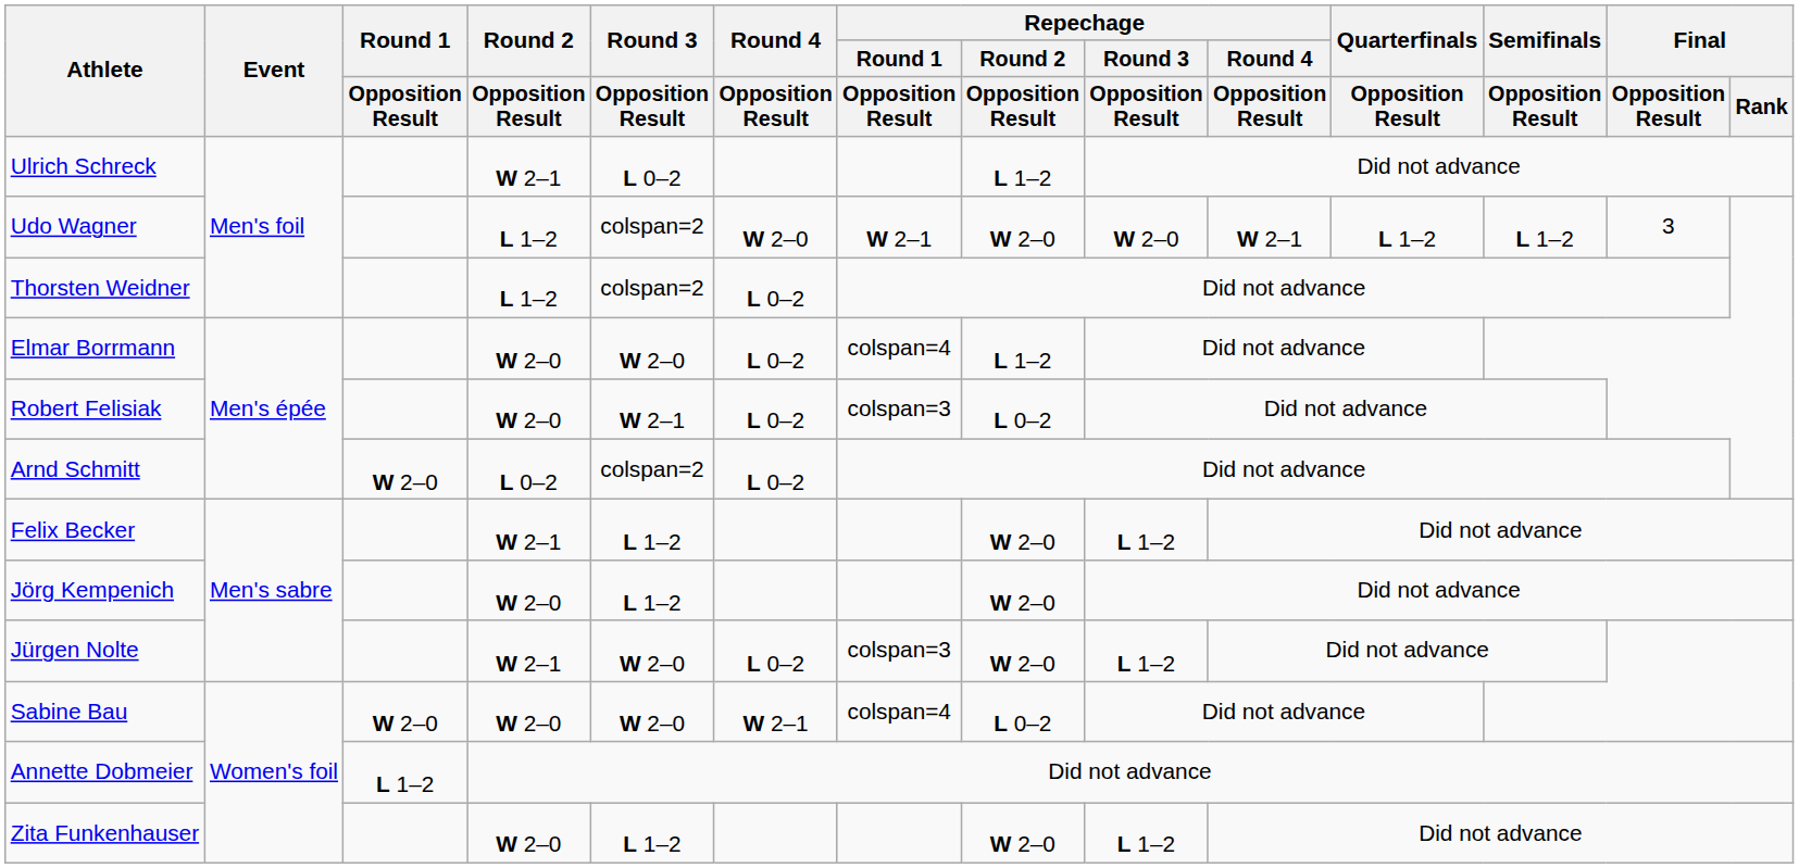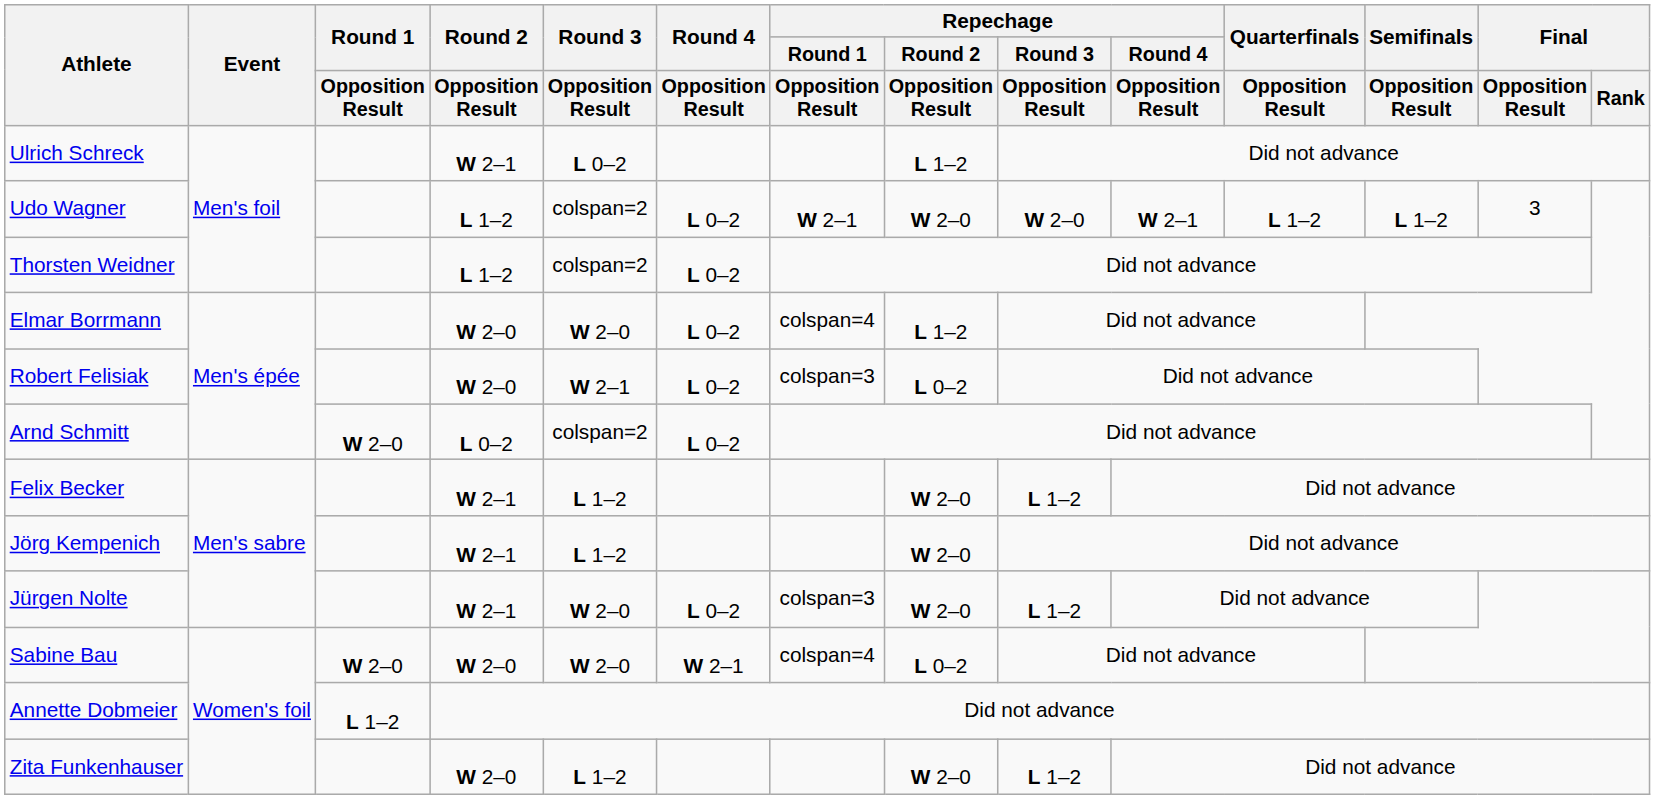 <table class="wikitable" style="font-size:85%">
 <tr>
 <th rowspan="3">Athlete</th>
 <th rowspan="3">Event</th>
 <th rowspan="2">Round 1</th>
 <th rowspan="2">Round 2</th>
 <th rowspan="2">Round 3</th>
 <th rowspan="2">Round 4</th>
 <th colspan=4>Repechage</th>
 <th rowspan="2">Quarterfinals</th>
 <th rowspan="2">Semifinals</th>
 <th rowspan="2" colspan=2>Final</th>
 </tr>
 <tr style="font-size:95%">
 <th>Round 1</th>
 <th>Round 2</th>
 <th>Round 3</th>
 <th>Round 4</th>
 </tr>
 <tr style="font-size:95%">
 <th>Opposition<br>Result</th>
 <th>Opposition<br>Result</th>
 <th>Opposition<br>Result</th>
 <th>Opposition<br>Result</th>
 <th>Opposition<br>Result</th>
 <th>Opposition<br>Result</th>
 <th>Opposition<br>Result</th>
 <th>Opposition<br>Result</th>
 <th>Opposition<br>Result</th>
 <th>Opposition<br>Result</th>
 <th>Opposition<br>Result</th>
 <th>Rank</th>
 </tr>
 <tr align=center>
 <td align=left><a href='#'>Ulrich Schreck</a></td>
 <td align=left rowspan=3><a href='#'>Men's foil</a></td>
 <td></td>
 <td><br><strong>W</strong> 2–1</td>
 <td><br><strong>L</strong> 0–2</td>
 <td></td>
 <td></td>
 <td><br><strong>L</strong> 1–2</td>
 <td colspan=6>Did not advance</td>
 </tr>
 <tr align=center>
 <td align=left><a href='#'>Udo Wagner</a></td>
 <td></td>
 <td><br><strong>L</strong> 1–2</td>
 <td>colspan=2</td>
-<td><br><strong>W</strong> 2–0</td>
+<td><br><strong>L</strong> 0–2</td>
 <td><br><strong>W</strong> 2–1</td>
 <td><br><strong>W</strong> 2–0</td>
 <td><br><strong>W</strong> 2–0</td>
 <td><br><strong>W</strong> 2–1</td>
 <td><br><strong>L</strong> 1–2</td>
 <td><br><strong>L</strong> 1–2</td>
 <td>3</td>
 </tr>
 <tr align=center>
 <td align=left><a href='#'>Thorsten Weidner</a></td>
 <td></td>
 <td><br><strong>L</strong> 1–2</td>
 <td>colspan=2</td>
 <td><br><strong>L</strong> 0–2</td>
 <td colspan=7>Did not advance</td>
 </tr>
 <tr align=center>
 <td align=left><a href='#'>Elmar Borrmann</a></td>
 <td align=left rowspan=3><a href='#'>Men's épée</a></td>
 <td></td>
 <td><br><strong>W</strong> 2–0</td>
 <td><br><strong>W</strong> 2–0</td>
 <td><br><strong>L</strong> 0–2</td>
 <td>colspan=4</td>
 <td><br><strong>L</strong> 1–2</td>
 <td colspan=3>Did not advance</td>
 </tr>
 <tr align=center>
 <td align=left><a href='#'>Robert Felisiak</a></td>
 <td></td>
 <td><br><strong>W</strong> 2–0</td>
 <td><br><strong>W</strong> 2–1</td>
 <td><br><strong>L</strong> 0–2</td>
 <td>colspan=3</td>
 <td><br><strong>L</strong> 0–2</td>
 <td colspan=4>Did not advance</td>
 </tr>
 <tr align=center>
 <td align=left><a href='#'>Arnd Schmitt</a></td>
 <td><br><strong>W</strong> 2–0</td>
 <td><br><strong>L</strong> 0–2</td>
 <td>colspan=2</td>
 <td><br><strong>L</strong> 0–2</td>
 <td colspan=7>Did not advance</td>
 </tr>
 <tr align=center>
 <td align=left><a href='#'>Felix Becker</a></td>
 <td align=left rowspan=3><a href='#'>Men's sabre</a></td>
 <td></td>
 <td><br><strong>W</strong> 2–1</td>
 <td><br><strong>L</strong> 1–2</td>
 <td></td>
 <td></td>
 <td><br><strong>W</strong> 2–0</td>
 <td><br><strong>L</strong> 1–2</td>
 <td colspan=5>Did not advance</td>
 </tr>
 <tr align=center>
 <td align=left><a href='#'>Jörg Kempenich</a></td>
 <td></td>
-<td><br><strong>W</strong> 2–0</td>
+<td><br><strong>W</strong> 2–1</td>
 <td><br><strong>L</strong> 1–2</td>
 <td></td>
 <td></td>
 <td><br><strong>W</strong> 2–0</td>
 <td colspan=6>Did not advance</td>
 </tr>
 <tr align=center>
 <td align=left><a href='#'>Jürgen Nolte</a></td>
 <td></td>
 <td><br><strong>W</strong> 2–1</td>
 <td><br><strong>W</strong> 2–0</td>
 <td><br><strong>L</strong> 0–2</td>
 <td>colspan=3</td>
 <td><br><strong>W</strong> 2–0</td>
 <td><br><strong>L</strong> 1–2</td>
 <td colspan=3>Did not advance</td>
 </tr>
 <tr align=center>
 <td align=left><a href='#'>Sabine Bau</a></td>
 <td align=left rowspan=3><a href='#'>Women's foil</a></td>
 <td><br><strong>W</strong> 2–0</td>
 <td><br><strong>W</strong> 2–0</td>
 <td><br><strong>W</strong> 2–0</td>
 <td><br><strong>W</strong> 2–1</td>
 <td>colspan=4</td>
 <td><br><strong>L</strong> 0–2</td>
 <td colspan=3>Did not advance</td>
 </tr>
 <tr align=center>
 <td align=left><a href='#'>Annette Dobmeier</a></td>
 <td><br><strong>L</strong> 1–2</td>
 <td colspan=11>Did not advance</td>
 </tr>
 <tr align=center>
 <td align=left><a href='#'>Zita Funkenhauser</a></td>
 <td></td>
 <td><br><strong>W</strong> 2–0</td>
 <td><br><strong>L</strong> 1–2</td>
 <td></td>
 <td></td>
 <td><br><strong>W</strong> 2–0</td>
 <td><br><strong>L</strong> 1–2</td>
 <td colspan=5>Did not advance</td>
 </tr>
 </table>
